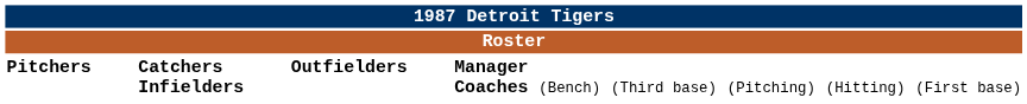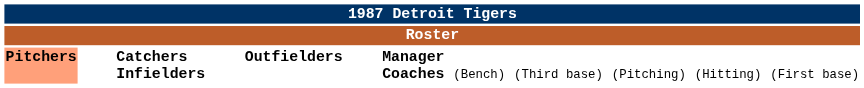 <table class="toccolours" style="font-size: 95%;">
 <tr>
 <th colspan="10" style="background-color: #003366; color: #FFFFFF; text-align: center;">1987 Detroit Tigers</th>
 </tr>
 <tr>
 <td colspan="10" style="background-color: #bd5d29; color: white; text-align: center;"><strong>Roster</strong></td>
 </tr>
 <tr>
-<td valign="top"><strong>Pitchers</strong><br><br>            </td>
+<td valign="top" style="background: lightsalmon;"><strong>Pitchers</strong><br><br>            </td>
 <td width="25px"></td>
 <td valign="top"><strong>Catchers</strong><br>    <strong>Infielders</strong>          </td>
 <td width="25px"></td>
 <td valign="top"><strong>Outfielders</strong><br>        </td>
 <td width="25px"></td>
 <td valign="top"><strong>Manager</strong><br> <strong>Coaches</strong>  <small>(Bench)</small>  <small>(Third base)</small>  <small>(Pitching)</small>  <small>(Hitting)</small>  <small>(First base)</small></td>
 </tr>
 <tr>
 </tr>
 </table>
